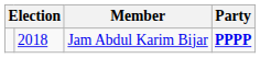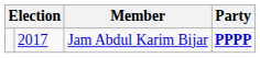 <table class="wikitable">
 <tr>
 <th colspan="2">Election</th>
 <th>Member</th>
 <th>Party</th>
 </tr>
 <tr>
 <td style="background-color: "></td>
-<td><a href='#'>2018</a></td>
+<td><a href='#'>2017</a></td>
 <td><a href='#'>Jam Abdul Karim Bijar</a></td>
 <td><strong><a href='#'>PPPP</a></strong></td>
 </tr>
 </table>
